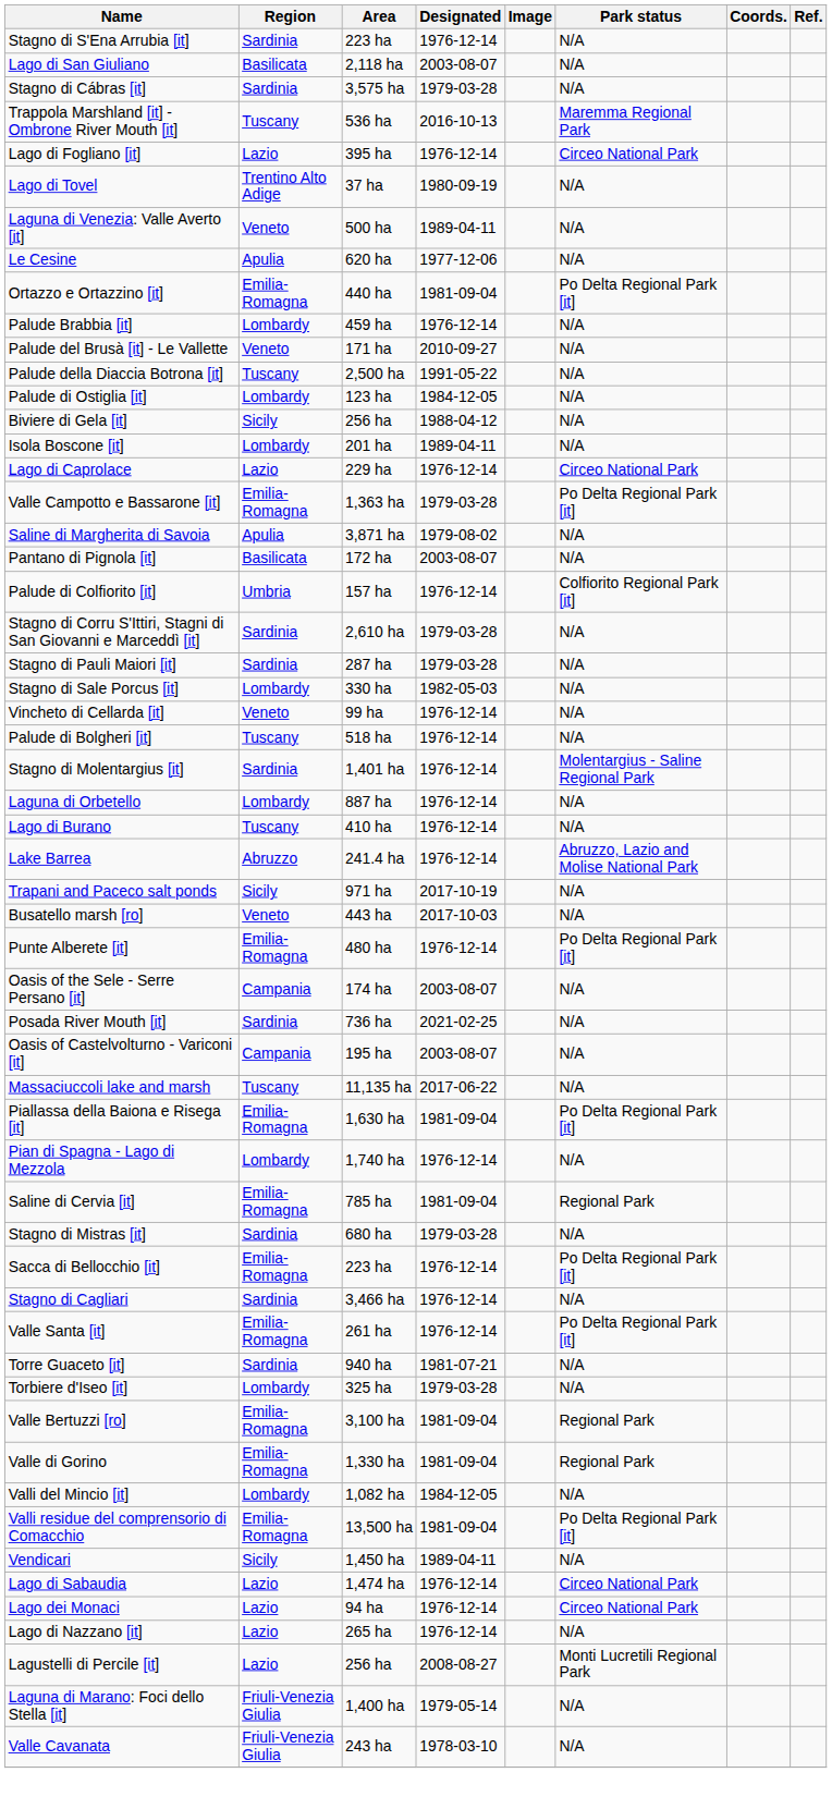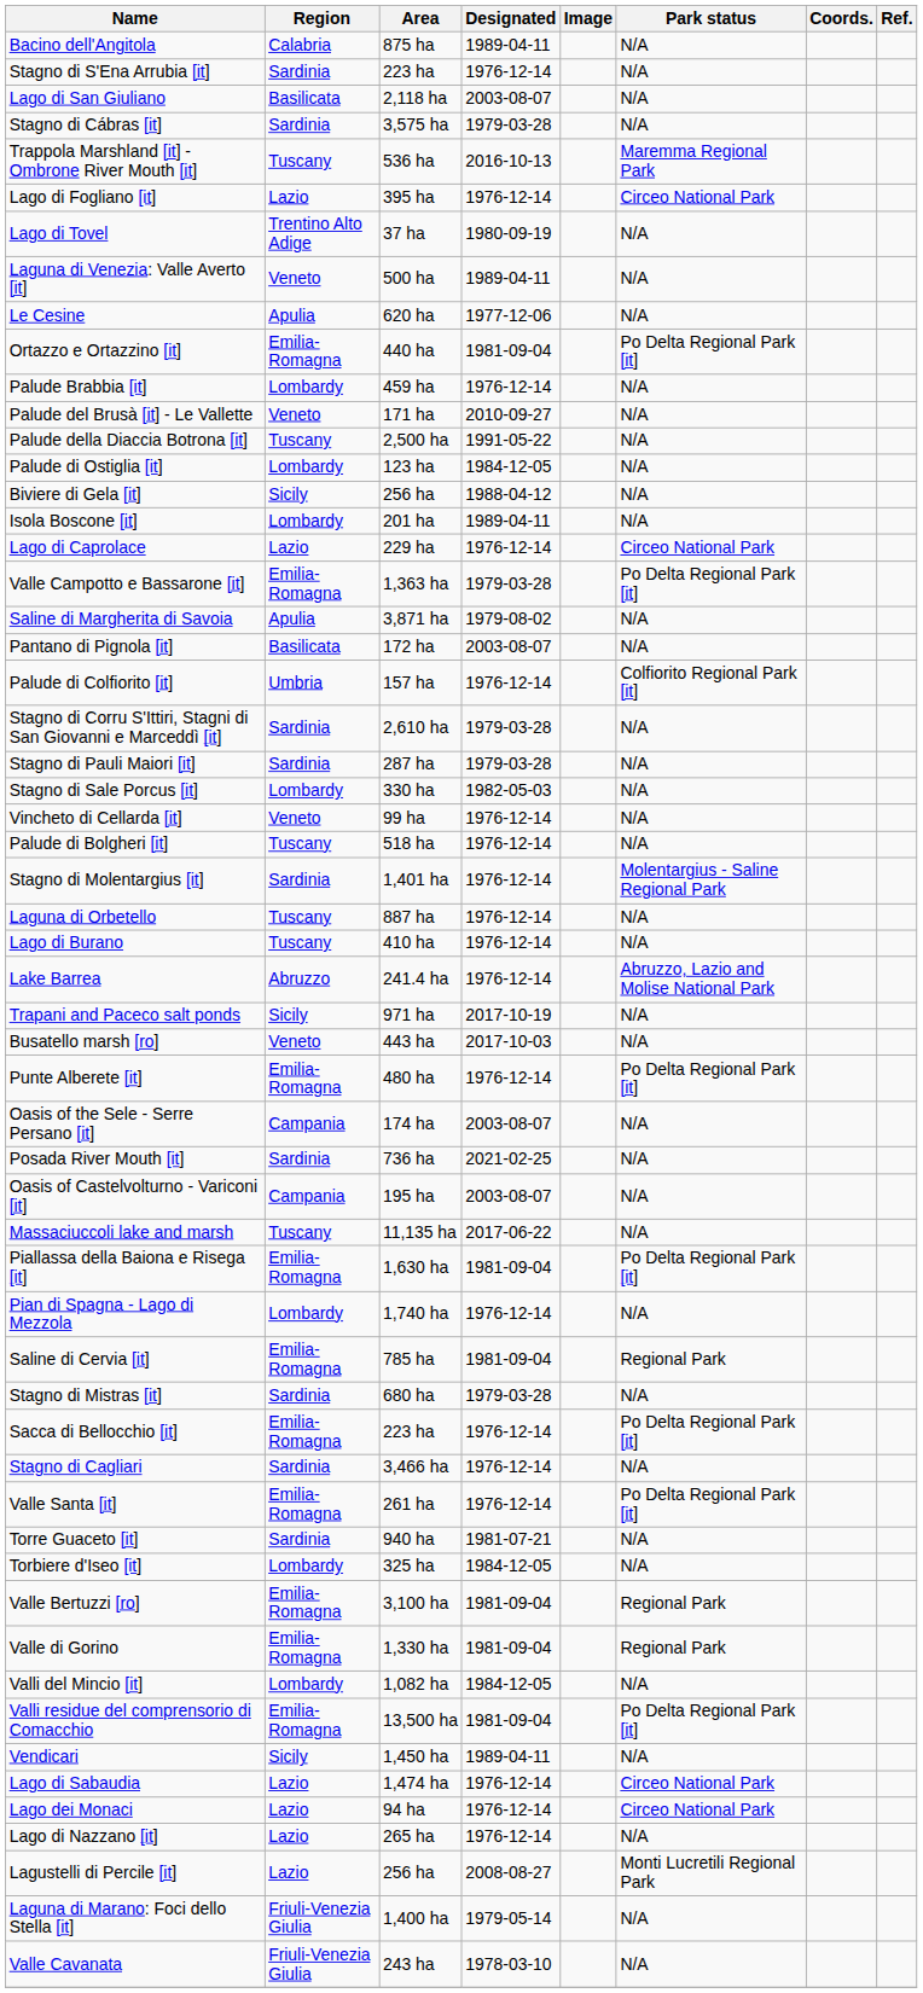 <table class="wikitable sortable">
 <tr>
 <th style="background-color:">Name</th>
 <th style="background-color:">Region</th>
 <th style="background-color:">Area</th>
 <th style="background-color:">Designated</th>
 <th style="background-color:">Image</th>
 <th style="background-color:">Park status</th>
 <th style="background-color:">Coords.</th>
 <th style="background-color:">Ref.</th>
+</tr>
+<tr>
+<td><a href='#'>Bacino dell'Angitola</a></td>
+<td><a href='#'>Calabria</a></td>
+<td>875 ha</td>
+<td>1989-04-11</td>
+<td></td>
+<td>N/A</td>
+<td></td>
+<td></td>
 </tr>
 <tr>
 <td>Stagno di S'Ena Arrubia <a href='#'>[it</a>]</td>
 <td><a href='#'>Sardinia</a></td>
 <td>223 ha</td>
 <td>1976-12-14</td>
 <td></td>
 <td>N/A</td>
 <td></td>
 <td></td>
 </tr>
 <tr>
 <td><a href='#'>Lago di San Giuliano</a></td>
 <td><a href='#'>Basilicata</a></td>
 <td>2,118 ha</td>
 <td>2003-08-07</td>
 <td></td>
 <td>N/A</td>
 <td></td>
 <td></td>
 </tr>
 <tr>
 <td>Stagno di Cábras <a href='#'>[it</a>]</td>
 <td><a href='#'>Sardinia</a></td>
 <td>3,575 ha</td>
 <td>1979-03-28</td>
 <td></td>
 <td>N/A</td>
 <td></td>
 <td></td>
 </tr>
 <tr>
 <td>Trappola Marshland <a href='#'>[it</a>] - <a href='#'>Ombrone</a> River Mouth <a href='#'>[it</a>]</td>
 <td><a href='#'>Tuscany</a></td>
 <td>536 ha</td>
 <td>2016-10-13</td>
 <td></td>
 <td><a href='#'>Maremma Regional Park</a></td>
 <td></td>
 <td></td>
 </tr>
 <tr>
 <td>Lago di Fogliano <a href='#'>[it</a>]</td>
 <td><a href='#'>Lazio</a></td>
 <td>395 ha</td>
 <td>1976-12-14</td>
 <td></td>
 <td><a href='#'>Circeo National Park</a></td>
 <td></td>
 <td></td>
 </tr>
 <tr>
 <td><a href='#'>Lago di Tovel</a></td>
 <td><a href='#'>Trentino Alto Adige</a></td>
 <td>37 ha</td>
 <td>1980-09-19</td>
 <td></td>
 <td>N/A</td>
 <td></td>
 <td></td>
 </tr>
 <tr>
 <td><a href='#'>Laguna di Venezia</a>: Valle Averto <a href='#'>[it</a>]</td>
 <td><a href='#'>Veneto</a></td>
 <td>500 ha</td>
 <td>1989-04-11</td>
 <td></td>
 <td>N/A</td>
 <td></td>
 <td></td>
 </tr>
 <tr>
 <td><a href='#'>Le Cesine</a></td>
 <td><a href='#'>Apulia</a></td>
 <td>620 ha</td>
 <td>1977-12-06</td>
 <td></td>
 <td>N/A</td>
 <td></td>
 <td></td>
 </tr>
 <tr>
 <td>Ortazzo e Ortazzino <a href='#'>[it</a>]</td>
 <td><a href='#'>Emilia-Romagna</a></td>
 <td>440 ha</td>
 <td>1981-09-04</td>
 <td></td>
 <td>Po Delta Regional Park <a href='#'>[it</a>]</td>
 <td></td>
 <td></td>
 </tr>
 <tr>
 <td>Palude Brabbia <a href='#'>[it</a>]</td>
 <td><a href='#'>Lombardy</a></td>
 <td>459 ha</td>
 <td>1976-12-14</td>
 <td></td>
 <td>N/A</td>
 <td></td>
 <td></td>
 </tr>
 <tr>
 <td>Palude del Brusà <a href='#'>[it</a>] - Le Vallette</td>
 <td><a href='#'>Veneto</a></td>
 <td>171 ha</td>
 <td>2010-09-27</td>
 <td></td>
 <td>N/A</td>
 <td></td>
 <td></td>
 </tr>
 <tr>
 <td>Palude della Diaccia Botrona <a href='#'>[it</a>]</td>
 <td><a href='#'>Tuscany</a></td>
 <td>2,500 ha</td>
 <td>1991-05-22</td>
 <td></td>
 <td>N/A</td>
 <td></td>
 <td></td>
 </tr>
 <tr>
 <td>Palude di Ostiglia <a href='#'>[it</a>]</td>
 <td><a href='#'>Lombardy</a></td>
 <td>123 ha</td>
 <td>1984-12-05</td>
 <td></td>
 <td>N/A</td>
 <td></td>
 <td></td>
 </tr>
 <tr>
 <td>Biviere di Gela <a href='#'>[it</a>]</td>
 <td><a href='#'>Sicily</a></td>
 <td>256 ha</td>
 <td>1988-04-12</td>
 <td></td>
 <td>N/A</td>
 <td></td>
 <td></td>
 </tr>
 <tr>
 <td>Isola Boscone <a href='#'>[it</a>]</td>
 <td><a href='#'>Lombardy</a></td>
 <td>201 ha</td>
 <td>1989-04-11</td>
 <td></td>
 <td>N/A</td>
 <td></td>
 <td></td>
 </tr>
 <tr>
 <td><a href='#'>Lago di Caprolace</a></td>
 <td><a href='#'>Lazio</a></td>
 <td>229 ha</td>
 <td>1976-12-14</td>
 <td></td>
 <td><a href='#'>Circeo National Park</a></td>
 <td></td>
 <td></td>
 </tr>
 <tr>
 <td>Valle Campotto e Bassarone <a href='#'>[it</a>]</td>
 <td><a href='#'>Emilia-Romagna</a></td>
 <td>1,363 ha</td>
 <td>1979-03-28</td>
 <td></td>
 <td>Po Delta Regional Park <a href='#'>[it</a>]</td>
 <td></td>
 <td></td>
 </tr>
 <tr>
 <td><a href='#'>Saline di Margherita di Savoia</a></td>
 <td><a href='#'>Apulia</a></td>
 <td>3,871 ha</td>
 <td>1979-08-02</td>
 <td></td>
 <td>N/A</td>
 <td></td>
 <td></td>
 </tr>
 <tr>
 <td>Pantano di Pignola <a href='#'>[it</a>]</td>
 <td><a href='#'>Basilicata</a></td>
 <td>172 ha</td>
 <td>2003-08-07</td>
 <td></td>
 <td>N/A</td>
 <td></td>
 <td></td>
 </tr>
 <tr>
 <td>Palude di Colfiorito <a href='#'>[it</a>]</td>
 <td><a href='#'>Umbria</a></td>
 <td>157 ha</td>
 <td>1976-12-14</td>
 <td></td>
 <td>Colfiorito Regional Park <a href='#'>[it</a>]</td>
 <td></td>
 <td></td>
 </tr>
 <tr>
 <td>Stagno di Corru S'Ittiri, Stagni di San Giovanni e Marceddì <a href='#'>[it</a>]</td>
 <td><a href='#'>Sardinia</a></td>
 <td>2,610 ha</td>
 <td>1979-03-28</td>
 <td></td>
 <td>N/A</td>
 <td></td>
 <td></td>
 </tr>
 <tr>
 <td>Stagno di Pauli Maiori <a href='#'>[it</a>]</td>
 <td><a href='#'>Sardinia</a></td>
 <td>287 ha</td>
 <td>1979-03-28</td>
 <td></td>
 <td>N/A</td>
 <td></td>
 <td></td>
 </tr>
 <tr>
 <td>Stagno di Sale Porcus <a href='#'>[it</a>]</td>
 <td><a href='#'>Lombardy</a></td>
 <td>330 ha</td>
 <td>1982-05-03</td>
 <td></td>
 <td>N/A</td>
 <td></td>
 <td></td>
 </tr>
 <tr>
 <td>Vincheto di Cellarda <a href='#'>[it</a>]</td>
 <td><a href='#'>Veneto</a></td>
 <td>99 ha</td>
 <td>1976-12-14</td>
 <td></td>
 <td>N/A</td>
 <td></td>
 <td></td>
 </tr>
 <tr>
 <td>Palude di Bolgheri <a href='#'>[it</a>]</td>
 <td><a href='#'>Tuscany</a></td>
 <td>518 ha</td>
 <td>1976-12-14</td>
 <td></td>
 <td>N/A</td>
 <td></td>
 <td></td>
 </tr>
 <tr>
 <td>Stagno di Molentargius <a href='#'>[it</a>]</td>
 <td><a href='#'>Sardinia</a></td>
 <td>1,401 ha</td>
 <td>1976-12-14</td>
 <td></td>
 <td><a href='#'>Molentargius - Saline Regional Park</a></td>
 <td></td>
 <td></td>
 </tr>
 <tr>
 <td><a href='#'>Laguna di Orbetello</a></td>
-<td><a href='#'>Lombardy</a></td>
+<td><a href='#'>Tuscany</a></td>
 <td>887 ha</td>
 <td>1976-12-14</td>
 <td></td>
 <td>N/A</td>
 <td></td>
 <td></td>
 </tr>
 <tr>
 <td><a href='#'>Lago di Burano</a></td>
 <td><a href='#'>Tuscany</a></td>
 <td>410 ha</td>
 <td>1976-12-14</td>
 <td></td>
 <td>N/A</td>
 <td></td>
 <td></td>
 </tr>
 <tr>
 <td><a href='#'>Lake Barrea</a></td>
 <td><a href='#'>Abruzzo</a></td>
 <td>241.4 ha</td>
 <td>1976-12-14</td>
 <td></td>
 <td><a href='#'>Abruzzo, Lazio and Molise National Park</a></td>
 <td></td>
 <td></td>
 </tr>
 <tr>
 <td><a href='#'>Trapani and Paceco salt ponds</a></td>
 <td><a href='#'>Sicily</a></td>
 <td>971 ha</td>
 <td>2017-10-19</td>
 <td></td>
 <td>N/A</td>
 <td></td>
 <td></td>
 </tr>
 <tr>
 <td>Busatello marsh <a href='#'>[ro</a>]</td>
 <td><a href='#'>Veneto</a></td>
 <td>443 ha</td>
 <td>2017-10-03</td>
 <td></td>
 <td>N/A</td>
 <td></td>
 <td></td>
 </tr>
 <tr>
 <td>Punte Alberete <a href='#'>[it</a>]</td>
 <td><a href='#'>Emilia-Romagna</a></td>
 <td>480 ha</td>
 <td>1976-12-14</td>
 <td></td>
 <td>Po Delta Regional Park <a href='#'>[it</a>]</td>
 <td></td>
 <td></td>
 </tr>
 <tr>
 <td>Oasis of the Sele - Serre Persano <a href='#'>[it</a>]</td>
 <td><a href='#'>Campania</a></td>
 <td>174 ha</td>
 <td>2003-08-07</td>
 <td></td>
 <td>N/A</td>
 <td></td>
 <td></td>
 </tr>
 <tr>
 <td>Posada River Mouth <a href='#'>[it</a>]</td>
 <td><a href='#'>Sardinia</a></td>
 <td>736 ha</td>
 <td>2021-02-25</td>
 <td></td>
 <td>N/A</td>
 <td></td>
 <td></td>
 </tr>
 <tr>
 <td>Oasis of Castelvolturno - Variconi <a href='#'>[it</a>]</td>
 <td><a href='#'>Campania</a></td>
 <td>195 ha</td>
 <td>2003-08-07</td>
 <td></td>
 <td>N/A</td>
 <td></td>
 <td></td>
 </tr>
 <tr>
 <td><a href='#'>Massaciuccoli lake and marsh</a></td>
 <td><a href='#'>Tuscany</a></td>
 <td>11,135 ha</td>
 <td>2017-06-22</td>
 <td></td>
 <td>N/A</td>
 <td></td>
 <td></td>
 </tr>
 <tr>
 <td>Piallassa della Baiona e Risega <a href='#'>[it</a>]</td>
 <td><a href='#'>Emilia-Romagna</a></td>
 <td>1,630 ha</td>
 <td>1981-09-04</td>
 <td></td>
 <td>Po Delta Regional Park <a href='#'>[it</a>]</td>
 <td></td>
 <td></td>
 </tr>
 <tr>
 <td><a href='#'>Pian di Spagna - Lago di Mezzola</a></td>
 <td><a href='#'>Lombardy</a></td>
 <td>1,740 ha</td>
 <td>1976-12-14</td>
 <td></td>
 <td>N/A</td>
 <td></td>
 <td></td>
 </tr>
 <tr>
 <td>Saline di Cervia <a href='#'>[it</a>]</td>
 <td><a href='#'>Emilia-Romagna</a></td>
 <td>785 ha</td>
 <td>1981-09-04</td>
 <td></td>
 <td>Regional Park</td>
 <td></td>
 <td></td>
 </tr>
 <tr>
 <td>Stagno di Mistras <a href='#'>[it</a>]</td>
 <td><a href='#'>Sardinia</a></td>
 <td>680 ha</td>
 <td>1979-03-28</td>
 <td></td>
 <td>N/A</td>
 <td></td>
 <td></td>
 </tr>
 <tr>
 <td>Sacca di Bellocchio <a href='#'>[it</a>]</td>
 <td><a href='#'>Emilia-Romagna</a></td>
 <td>223 ha</td>
 <td>1976-12-14</td>
 <td></td>
 <td>Po Delta Regional Park <a href='#'>[it</a>]</td>
 <td></td>
 <td></td>
 </tr>
 <tr>
 <td><a href='#'>Stagno di Cagliari</a></td>
 <td><a href='#'>Sardinia</a></td>
 <td>3,466 ha</td>
 <td>1976-12-14</td>
 <td></td>
 <td>N/A</td>
 <td></td>
 <td></td>
 </tr>
 <tr>
 <td>Valle Santa <a href='#'>[it</a>]</td>
 <td><a href='#'>Emilia-Romagna</a></td>
 <td>261 ha</td>
 <td>1976-12-14</td>
 <td></td>
 <td>Po Delta Regional Park <a href='#'>[it</a>]</td>
 <td></td>
 <td></td>
 </tr>
 <tr>
 <td>Torre Guaceto <a href='#'>[it</a>]</td>
 <td><a href='#'>Sardinia</a></td>
 <td>940 ha</td>
 <td>1981-07-21</td>
 <td></td>
 <td>N/A</td>
 <td></td>
 <td></td>
 </tr>
 <tr>
 <td>Torbiere d'Iseo <a href='#'>[it</a>]</td>
 <td><a href='#'>Lombardy</a></td>
 <td>325 ha</td>
-<td>1979-03-28</td>
+<td>1984-12-05</td>
 <td></td>
 <td>N/A</td>
 <td></td>
 <td></td>
 </tr>
 <tr>
 <td>Valle Bertuzzi <a href='#'>[ro</a>]</td>
 <td><a href='#'>Emilia-Romagna</a></td>
 <td>3,100 ha</td>
 <td>1981-09-04</td>
 <td></td>
 <td>Regional Park</td>
 <td></td>
 <td></td>
 </tr>
 <tr>
 <td>Valle di Gorino</td>
 <td><a href='#'>Emilia-Romagna</a></td>
 <td>1,330 ha</td>
 <td>1981-09-04</td>
 <td></td>
 <td>Regional Park</td>
 <td></td>
 <td></td>
 </tr>
 <tr>
 <td>Valli del Mincio <a href='#'>[it</a>]</td>
 <td><a href='#'>Lombardy</a></td>
 <td>1,082 ha</td>
 <td>1984-12-05</td>
 <td></td>
 <td>N/A</td>
 <td></td>
 <td></td>
 </tr>
 <tr>
 <td><a href='#'>Valli residue del comprensorio di Comacchio</a></td>
 <td><a href='#'>Emilia-Romagna</a></td>
 <td>13,500 ha</td>
 <td>1981-09-04</td>
 <td></td>
 <td>Po Delta Regional Park <a href='#'>[it</a>]</td>
 <td></td>
 <td></td>
 </tr>
 <tr>
 <td><a href='#'>Vendicari</a></td>
 <td><a href='#'>Sicily</a></td>
 <td>1,450 ha</td>
 <td>1989-04-11</td>
 <td></td>
 <td>N/A</td>
 <td></td>
 <td></td>
 </tr>
 <tr>
 <td><a href='#'>Lago di Sabaudia</a></td>
 <td><a href='#'>Lazio</a></td>
 <td>1,474 ha</td>
 <td>1976-12-14</td>
 <td></td>
 <td><a href='#'>Circeo National Park</a></td>
 <td></td>
 <td></td>
 </tr>
 <tr>
 <td><a href='#'>Lago dei Monaci</a></td>
 <td><a href='#'>Lazio</a></td>
 <td>94 ha</td>
 <td>1976-12-14</td>
 <td></td>
 <td><a href='#'>Circeo National Park</a></td>
 <td></td>
 <td></td>
 </tr>
 <tr>
 <td>Lago di Nazzano <a href='#'>[it</a>]</td>
 <td><a href='#'>Lazio</a></td>
 <td>265 ha</td>
 <td>1976-12-14</td>
 <td></td>
 <td>N/A</td>
 <td></td>
 <td></td>
 </tr>
 <tr>
 <td>Lagustelli di Percile <a href='#'>[it</a>]</td>
 <td><a href='#'>Lazio</a></td>
 <td>256 ha</td>
 <td>2008-08-27</td>
 <td></td>
 <td>Monti Lucretili Regional Park</td>
 <td></td>
 <td></td>
 </tr>
 <tr>
 <td><a href='#'>Laguna di Marano</a>: Foci dello Stella <a href='#'>[it</a>]</td>
 <td><a href='#'>Friuli-Venezia Giulia</a></td>
 <td>1,400 ha</td>
 <td>1979-05-14</td>
 <td></td>
 <td>N/A</td>
 <td></td>
 <td></td>
 </tr>
 <tr>
 <td><a href='#'>Valle Cavanata</a></td>
 <td><a href='#'>Friuli-Venezia Giulia</a></td>
 <td>243 ha</td>
 <td>1978-03-10</td>
 <td></td>
 <td>N/A</td>
 <td></td>
 <td></td>
 </tr>
 <tr>
 </tr>
 </table>
